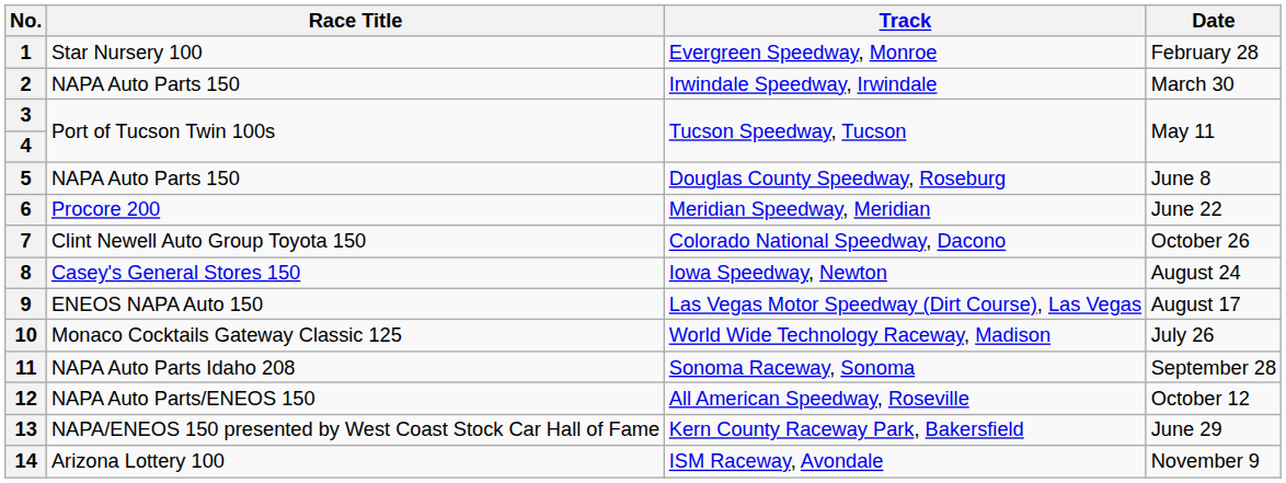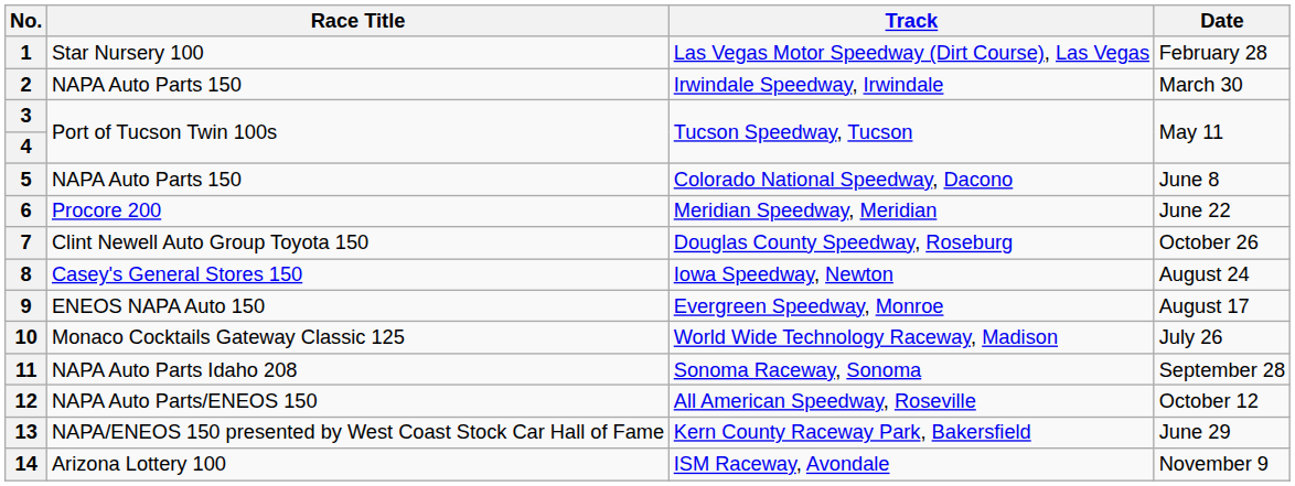 <table class="wikitable" style="font-size:85%;">
 <tr>
 <th>No.</th>
 <th>Race Title</th>
 <th><a href='#'>Track</a></th>
 <th>Date</th>
 </tr>
 <tr>
 <th>1</th>
 <td>Star Nursery 100</td>
-<td><a href='#'>Evergreen Speedway</a>, <a href='#'>Monroe</a></td>
+<td><a href='#'>Las Vegas Motor Speedway (Dirt Course)</a>, <a href='#'>Las Vegas</a></td>
 <td>February 28</td>
 </tr>
 <tr>
 <th>2</th>
 <td>NAPA Auto Parts 150</td>
 <td><a href='#'>Irwindale Speedway</a>, <a href='#'>Irwindale</a></td>
 <td>March 30</td>
 </tr>
 <tr>
 <th>3</th>
 <td rowspan=2>Port of Tucson Twin 100s</td>
 <td rowspan=2><a href='#'>Tucson Speedway</a>, <a href='#'>Tucson</a></td>
 <td rowspan=2>May 11</td>
 </tr>
 <tr>
 <th>4</th>
 </tr>
 <tr>
 <th>5</th>
 <td>NAPA Auto Parts 150</td>
-<td><a href='#'>Douglas County Speedway</a>, <a href='#'>Roseburg</a></td>
+<td><a href='#'>Colorado National Speedway</a>, <a href='#'>Dacono</a></td>
 <td>June 8</td>
 </tr>
 <tr>
 <th>6</th>
 <td><a href='#'>Procore 200</a></td>
 <td><a href='#'>Meridian Speedway</a>, <a href='#'>Meridian</a></td>
 <td>June 22</td>
 </tr>
 <tr>
 <th>7</th>
 <td>Clint Newell Auto Group Toyota 150</td>
-<td><a href='#'>Colorado National Speedway</a>, <a href='#'>Dacono</a></td>
+<td><a href='#'>Douglas County Speedway</a>, <a href='#'>Roseburg</a></td>
 <td>October 26</td>
 </tr>
 <tr>
 <th>8</th>
 <td><a href='#'>Casey's General Stores 150</a></td>
 <td><a href='#'>Iowa Speedway</a>, <a href='#'>Newton</a></td>
 <td>August 24</td>
 </tr>
 <tr>
 <th>9</th>
 <td>ENEOS NAPA Auto 150</td>
-<td><a href='#'>Las Vegas Motor Speedway (Dirt Course)</a>, <a href='#'>Las Vegas</a></td>
+<td><a href='#'>Evergreen Speedway</a>, <a href='#'>Monroe</a></td>
 <td>August 17</td>
 </tr>
 <tr>
 <th>10</th>
 <td>Monaco Cocktails Gateway Classic 125</td>
 <td><a href='#'>World Wide Technology Raceway</a>, <a href='#'>Madison</a></td>
 <td>July 26</td>
 </tr>
 <tr>
 <th>11</th>
 <td>NAPA Auto Parts Idaho 208</td>
 <td><a href='#'>Sonoma Raceway</a>, <a href='#'>Sonoma</a></td>
 <td>September 28</td>
 </tr>
 <tr>
 <th>12</th>
 <td>NAPA Auto Parts/ENEOS 150</td>
 <td><a href='#'>All American Speedway</a>, <a href='#'>Roseville</a></td>
 <td>October 12</td>
 </tr>
 <tr>
 <th>13</th>
 <td>NAPA/ENEOS 150 presented by West Coast Stock Car Hall of Fame</td>
 <td><a href='#'>Kern County Raceway Park</a>, <a href='#'>Bakersfield</a></td>
 <td>June 29</td>
 </tr>
 <tr>
 <th>14</th>
 <td>Arizona Lottery 100</td>
 <td><a href='#'>ISM Raceway</a>, <a href='#'>Avondale</a></td>
 <td>November 9</td>
 </tr>
 </table>
